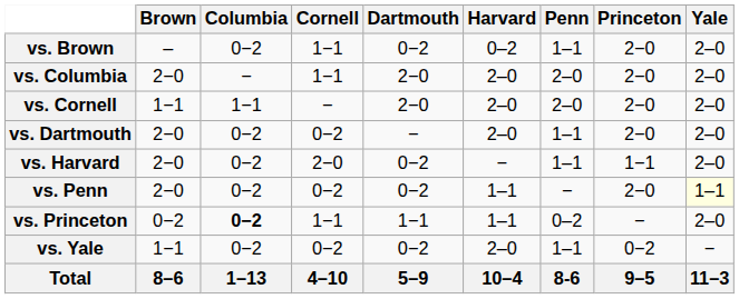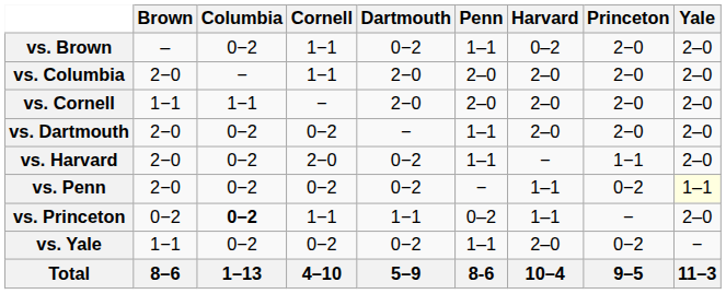 <table class="wikitable" style="white-space:nowrap; font-size:100%;">
 <tr>
 <td style="background:white; border-top-style:hidden; border-left-style:hidden;"></td>
 <th>Brown</th>
 <th>Columbia</th>
 <th>Cornell</th>
 <th>Dartmouth</th>
+<th>Penn</th>
 <th>Harvard</th>
-<th>Penn</th>
 <th>Princeton</th>
 <th>Yale</th>
 </tr>
 <tr style="text-align:center;">
 <th>vs. Brown</th>
 <td>–</td>
 <td>0−2</td>
 <td>1−1</td>
 <td>0−2</td>
+<td>1–1</td>
 <td>0–2</td>
-<td>1–1</td>
 <td>2−0</td>
 <td>2–0</td>
 </tr>
 <tr style="text-align:center;">
 <th>vs. Columbia</th>
 <td>2−0</td>
 <td>−</td>
 <td>1−1</td>
 <td>2−0</td>
 <td>2–0</td>
 <td>2–0</td>
 <td>2−0</td>
 <td>2–0</td>
 </tr>
 <tr style="text-align:center;">
 <th>vs. Cornell</th>
 <td>1−1</td>
 <td>1−1</td>
 <td>−</td>
 <td>2−0</td>
 <td>2–0</td>
 <td>2–0</td>
 <td>2−0</td>
 <td>2–0</td>
 </tr>
 <tr style="text-align:center;">
 <th>vs. Dartmouth</th>
 <td>2−0</td>
 <td>0−2</td>
 <td>0−2</td>
 <td>−</td>
+<td>1–1</td>
 <td>2–0</td>
-<td>1–1</td>
 <td>2−0</td>
 <td>2–0</td>
 </tr>
 <tr style="text-align:center;">
 <th>vs. Harvard</th>
 <td>2−0</td>
 <td>0−2</td>
 <td>2−0</td>
 <td>0−2</td>
+<td>1–1</td>
 <td>−</td>
-<td>1–1</td>
 <td>1−1</td>
 <td>2–0</td>
 </tr>
 <tr style="text-align:center;">
 <th>vs. Penn</th>
 <td>2−0</td>
 <td>0−2</td>
 <td>0−2</td>
 <td>0−2</td>
+<td>−</td>
 <td>1–1</td>
-<td>−</td>
-<td>2−0</td>
+<td>0−2</td>
 <td style="background: lightyellow;">1–1</td>
 </tr>
 <tr style="text-align:center;">
 <th>vs. Princeton</th>
 <td>0−2</td>
 <td><strong>0−2</strong></td>
 <td>1−1</td>
 <td>1−1</td>
+<td>0–2</td>
 <td>1–1</td>
-<td>0–2</td>
 <td>−</td>
 <td>2–0</td>
 </tr>
 <tr style="text-align:center;">
 <th>vs. Yale</th>
 <td>1−1</td>
 <td>0−2</td>
 <td>0−2</td>
 <td>0−2</td>
+<td>1–1</td>
 <td>2–0</td>
-<td>1–1</td>
 <td>0−2</td>
 <td>−</td>
 </tr>
 <tr style="text-align:center;">
 <th>Total</th>
 <th>8–6</th>
 <th>1–13</th>
 <th>4–10</th>
 <th>5–9</th>
+<th>8-6</th>
 <th>10–4</th>
-<th>8-6</th>
 <th>9–5</th>
 <th>11–3</th>
 </tr>
 </table>
